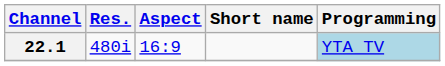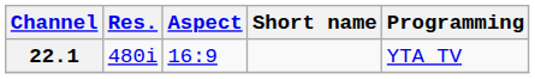 <table class="wikitable">
 <tr>
 <th scope="col"><a href='#'>Channel</a></th>
 <th scope="col"><a href='#'>Res.</a></th>
 <th scope="col"><a href='#'>Aspect</a></th>
 <th scope="col">Short name</th>
 <th scope="col">Programming</th>
 </tr>
 <tr>
 <th scope="row">22.1</th>
 <td><a href='#'>480i</a></td>
 <td><a href='#'>16:9</a></td>
 <td></td>
-<td style="background: lightblue;"><a href='#'>YTA TV</a></td>
+<td><a href='#'>YTA TV</a></td>
 </tr>
 <tr>
 </tr>
 </table>
